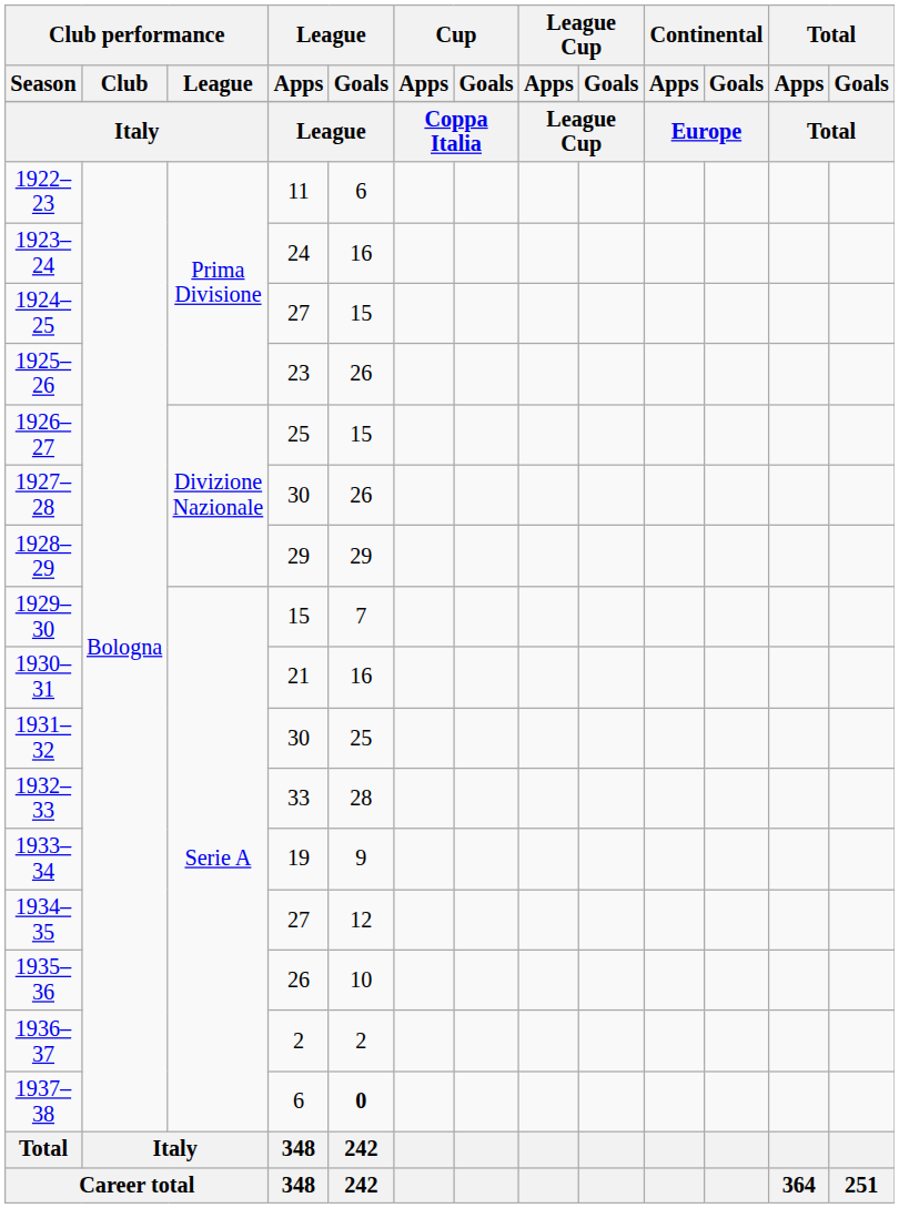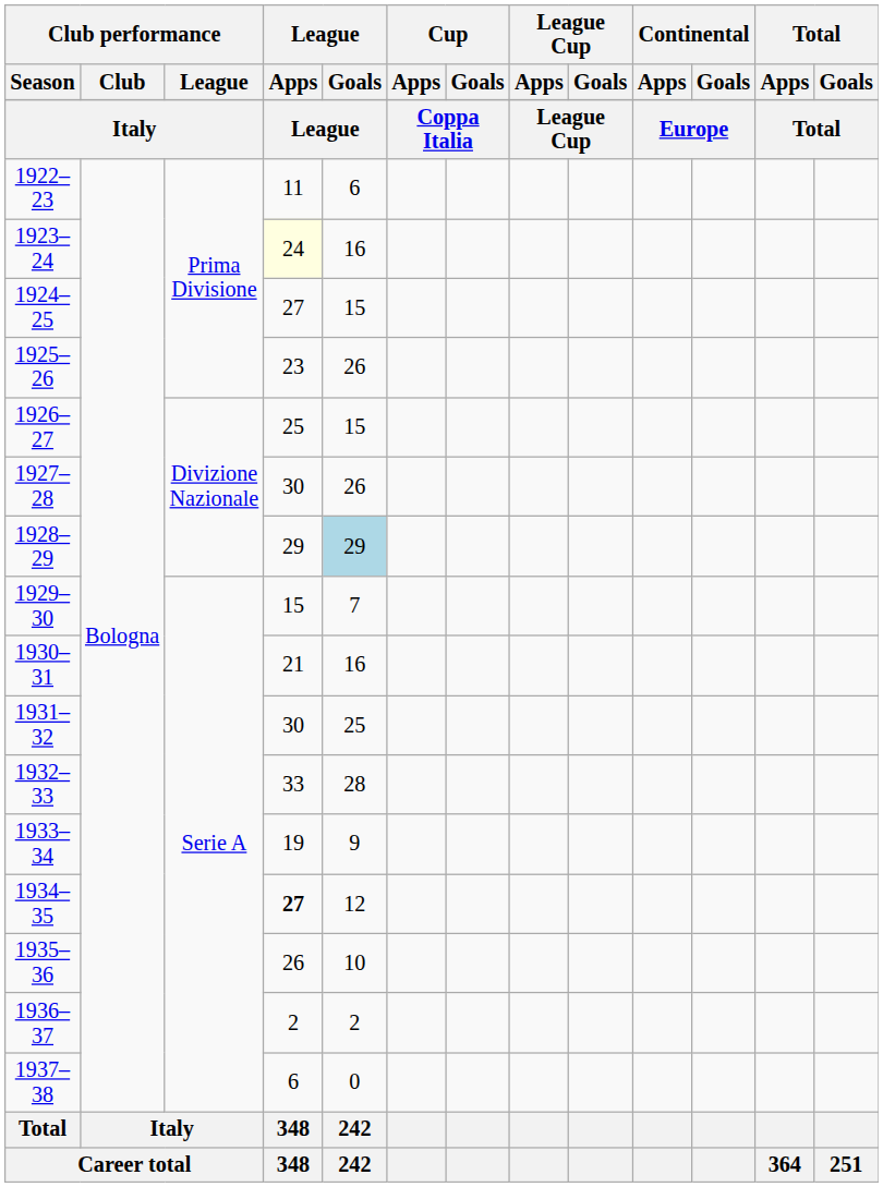 <table class="wikitable" style="text-align:center">
 <tr>
 <th colspan=3>Club performance</th>
 <th colspan=2>League</th>
 <th colspan=2>Cup</th>
 <th colspan=2>League Cup</th>
 <th colspan=2>Continental</th>
 <th colspan=2>Total</th>
 </tr>
 <tr>
 <th>Season</th>
 <th>Club</th>
 <th>League</th>
 <th>Apps</th>
 <th>Goals</th>
 <th>Apps</th>
 <th>Goals</th>
 <th>Apps</th>
 <th>Goals</th>
 <th>Apps</th>
 <th>Goals</th>
 <th>Apps</th>
 <th>Goals</th>
 </tr>
 <tr>
 </tr>
 <tr>
 <th colspan=3>Italy</th>
 <th colspan=2>League</th>
 <th colspan=2><a href='#'>Coppa Italia</a></th>
 <th colspan=2>League Cup</th>
 <th colspan=2><a href='#'>Europe</a></th>
 <th colspan=2>Total</th>
 </tr>
 <tr>
 <td><a href='#'>1922–23</a></td>
 <td rowspan="16"><a href='#'>Bologna</a></td>
 <td rowspan="4"><a href='#'>Prima Divisione</a></td>
 <td>11</td>
 <td>6</td>
 <td></td>
 <td></td>
 <td></td>
 <td></td>
 <td></td>
 <td></td>
 <td></td>
 <td></td>
 </tr>
 <tr>
 <td><a href='#'>1923–24</a></td>
-<td>24</td>
+<td style="background: lightyellow;">24</td>
 <td>16</td>
 <td></td>
 <td></td>
 <td></td>
 <td></td>
 <td></td>
 <td></td>
 <td></td>
 <td></td>
 </tr>
 <tr>
 <td><a href='#'>1924–25</a></td>
 <td>27</td>
 <td>15</td>
 <td></td>
 <td></td>
 <td></td>
 <td></td>
 <td></td>
 <td></td>
 <td></td>
 <td></td>
 </tr>
 <tr>
 <td><a href='#'>1925–26</a></td>
 <td>23</td>
 <td>26</td>
 <td></td>
 <td></td>
 <td></td>
 <td></td>
 <td></td>
 <td></td>
 <td></td>
 <td></td>
 </tr>
 <tr>
 <td><a href='#'>1926–27</a></td>
 <td rowspan="3"><a href='#'>Divizione Nazionale</a></td>
 <td>25</td>
 <td>15</td>
 <td></td>
 <td></td>
 <td></td>
 <td></td>
 <td></td>
 <td></td>
 <td></td>
 <td></td>
 </tr>
 <tr>
 <td><a href='#'>1927–28</a></td>
 <td>30</td>
 <td>26</td>
 <td></td>
 <td></td>
 <td></td>
 <td></td>
 <td></td>
 <td></td>
 <td></td>
 <td></td>
 </tr>
 <tr>
 <td><a href='#'>1928–29</a></td>
 <td>29</td>
-<td>29</td>
+<td style="background: lightblue;">29</td>
 <td></td>
 <td></td>
 <td></td>
 <td></td>
 <td></td>
 <td></td>
 <td></td>
 <td></td>
 </tr>
 <tr>
 <td><a href='#'>1929–30</a></td>
 <td rowspan="9"><a href='#'>Serie A</a></td>
 <td>15</td>
 <td>7</td>
 <td></td>
 <td></td>
 <td></td>
 <td></td>
 <td></td>
 <td></td>
 <td></td>
 <td></td>
 </tr>
 <tr>
 <td><a href='#'>1930–31</a></td>
 <td>21</td>
 <td>16</td>
 <td></td>
 <td></td>
 <td></td>
 <td></td>
 <td></td>
 <td></td>
 <td></td>
 <td></td>
 </tr>
 <tr>
 <td><a href='#'>1931–32</a></td>
 <td>30</td>
 <td>25</td>
 <td></td>
 <td></td>
 <td></td>
 <td></td>
 <td></td>
 <td></td>
 <td></td>
 <td></td>
 </tr>
 <tr>
 <td><a href='#'>1932–33</a></td>
 <td>33</td>
 <td>28</td>
 <td></td>
 <td></td>
 <td></td>
 <td></td>
 <td></td>
 <td></td>
 <td></td>
 <td></td>
 </tr>
 <tr>
 <td><a href='#'>1933–34</a></td>
 <td>19</td>
 <td>9</td>
 <td></td>
 <td></td>
 <td></td>
 <td></td>
 <td></td>
 <td></td>
 <td></td>
 <td></td>
 </tr>
 <tr>
 <td><a href='#'>1934–35</a></td>
-<td>27</td>
+<td><strong>27</strong></td>
 <td>12</td>
 <td></td>
 <td></td>
 <td></td>
 <td></td>
 <td></td>
 <td></td>
 <td></td>
 <td></td>
 </tr>
 <tr>
 <td><a href='#'>1935–36</a></td>
 <td>26</td>
 <td>10</td>
 <td></td>
 <td></td>
 <td></td>
 <td></td>
 <td></td>
 <td></td>
 <td></td>
 <td></td>
 </tr>
 <tr>
 <td><a href='#'>1936–37</a></td>
 <td>2</td>
 <td>2</td>
 <td></td>
 <td></td>
 <td></td>
 <td></td>
 <td></td>
 <td></td>
 <td></td>
 <td></td>
 </tr>
 <tr>
 <td><a href='#'>1937–38</a></td>
 <td>6</td>
-<td><strong>0</strong></td>
+<td>0</td>
 <td></td>
 <td></td>
 <td></td>
 <td></td>
 <td></td>
 <td></td>
 <td></td>
 <td></td>
 </tr>
 <tr>
 <th rowspan=1>Total</th>
 <th colspan=2>Italy</th>
 <th>348</th>
 <th>242</th>
 <th></th>
 <th></th>
 <th></th>
 <th></th>
 <th></th>
 <th></th>
 <th></th>
 <th></th>
 </tr>
 <tr>
 <th colspan=3>Career total</th>
 <th>348</th>
 <th>242</th>
 <th></th>
 <th></th>
 <th></th>
 <th></th>
 <th></th>
 <th></th>
 <th>364</th>
 <th>251</th>
 </tr>
 </table>
